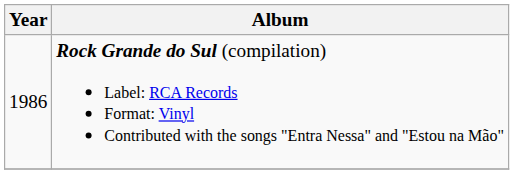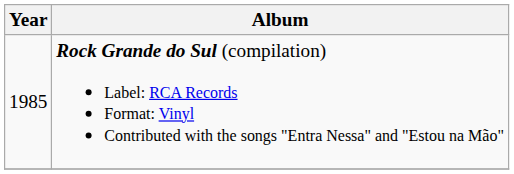 <table class="wikitable">
 <tr>
 <th>Year</th>
 <th>Album</th>
 </tr>
 <tr>
-<td>1986</td>
+<td>1985</td>
 <td><strong><em>Rock Grande do Sul</em></strong> (compilation)<br><ul><li><small>Label: <a href='#'>RCA Records</a></small></li><li><small>Format: <a href='#'>Vinyl</a></small></li><li><small>Contributed with the songs "Entra Nessa" and "Estou na Mão"</small></li></ul></td>
 </tr>
 <tr>
 </tr>
 </table>
